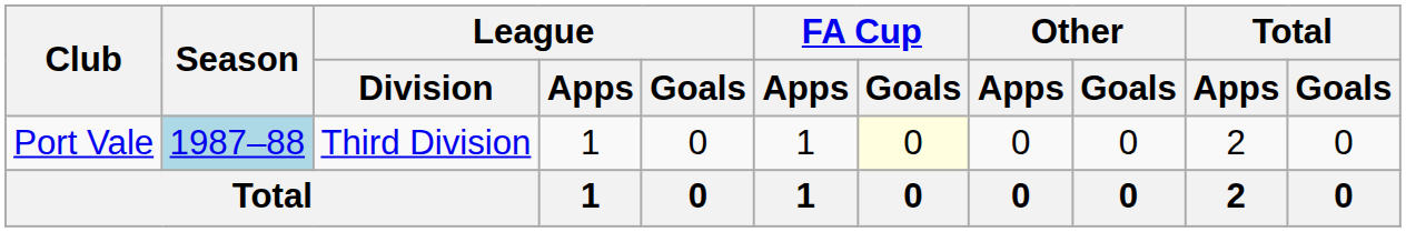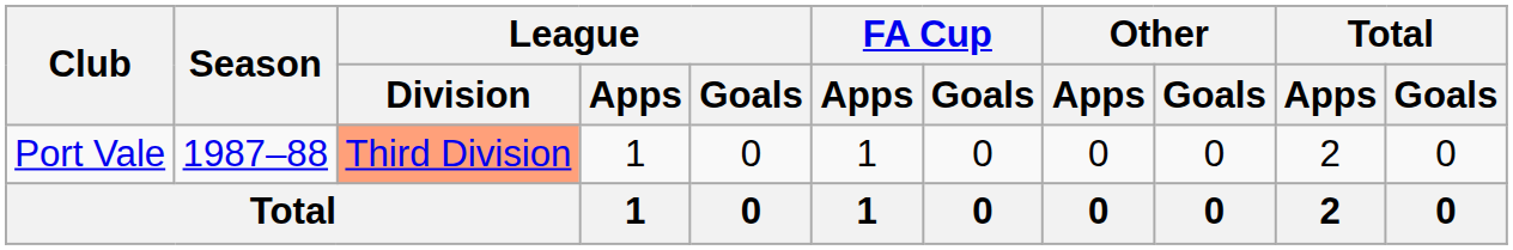 <table class="wikitable" style="text-align:center">
 <tr>
 <th rowspan="2">Club</th>
 <th rowspan="2">Season</th>
 <th colspan="3">League</th>
 <th colspan="2"><a href='#'>FA Cup</a></th>
 <th colspan="2">Other</th>
 <th colspan="2">Total</th>
 </tr>
 <tr>
 <th>Division</th>
 <th>Apps</th>
 <th>Goals</th>
 <th>Apps</th>
 <th>Goals</th>
 <th>Apps</th>
 <th>Goals</th>
 <th>Apps</th>
 <th>Goals</th>
 </tr>
 <tr>
 <td><a href='#'>Port Vale</a></td>
-<td style="background: lightblue;"><a href='#'>1987–88</a></td>
-<td><a href='#'>Third Division</a></td>
+<td><a href='#'>1987–88</a></td>
+<td style="background: lightsalmon;"><a href='#'>Third Division</a></td>
 <td>1</td>
 <td>0</td>
 <td>1</td>
-<td style="background: lightyellow;">0</td>
+<td>0</td>
 <td>0</td>
 <td>0</td>
 <td>2</td>
 <td>0</td>
 </tr>
 <tr>
 <th colspan="3">Total</th>
 <th>1</th>
 <th>0</th>
 <th>1</th>
 <th>0</th>
 <th>0</th>
 <th>0</th>
 <th>2</th>
 <th>0</th>
 </tr>
 </table>
